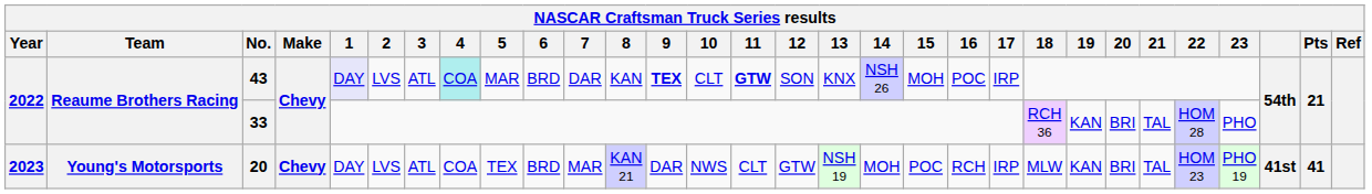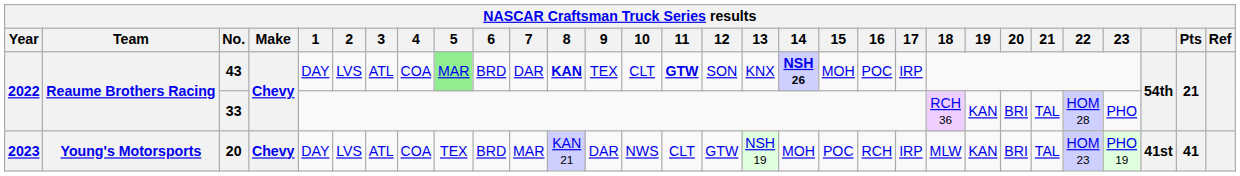 <table class="wikitable" style="text-align:center; font-size:75%">
 <tr>
 <th colspan=30><a href='#'>NASCAR Craftsman Truck Series</a> results</th>
 </tr>
 <tr>
 <th>Year</th>
 <th>Team</th>
 <th>No.</th>
 <th>Make</th>
 <th>1</th>
 <th>2</th>
 <th>3</th>
 <th>4</th>
 <th>5</th>
 <th>6</th>
 <th>7</th>
 <th>8</th>
 <th>9</th>
 <th>10</th>
 <th>11</th>
 <th>12</th>
 <th>13</th>
 <th>14</th>
 <th>15</th>
 <th>16</th>
 <th>17</th>
 <th>18</th>
 <th>19</th>
 <th>20</th>
 <th>21</th>
 <th>22</th>
 <th>23</th>
 <th></th>
 <th>Pts</th>
 <th>Ref</th>
 </tr>
 <tr>
 <th rowspan=2><a href='#'>2022</a></th>
 <th rowspan=2><a href='#'>Reaume Brothers Racing</a></th>
 <th>43</th>
 <th rowspan=2><a href='#'>Chevy</a></th>
-<td style="background: lavender;"><a href='#'>DAY</a></td>
+<td><a href='#'>DAY</a></td>
 <td><a href='#'>LVS</a></td>
 <td><a href='#'>ATL</a></td>
-<td style="background: paleturquoise;"><a href='#'>COA</a></td>
-<td><a href='#'>MAR</a></td>
+<td><a href='#'>COA</a></td>
+<td style="background: lightgreen;"><a href='#'>MAR</a></td>
 <td><a href='#'>BRD</a></td>
 <td><a href='#'>DAR</a></td>
-<td><a href='#'>KAN</a></td>
-<td><strong><a href='#'>TEX</a></strong></td>
+<td><strong><a href='#'>KAN</a></strong></td>
+<td><a href='#'>TEX</a></td>
 <td><a href='#'>CLT</a></td>
 <td><strong><a href='#'>GTW</a></strong></td>
 <td><a href='#'>SON</a></td>
 <td><a href='#'>KNX</a></td>
-<td style="background:#CFCFFF;"><a href='#'>NSH</a><br><small>26</small></td>
+<td style="background:#CFCFFF;"><strong><a href='#'>NSH</a><br><small>26</small></strong></td>
 <td><a href='#'>MOH</a></td>
 <td><a href='#'>POC</a></td>
 <td><a href='#'>IRP</a></td>
 <td colspan=6></td>
 <th rowspan=2>54th</th>
 <th rowspan=2>21</th>
 <th rowspan=2></th>
 </tr>
 <tr>
 <th>33</th>
 <td colspan=17></td>
 <td style="background:#EFCFFF;"><a href='#'>RCH</a><br><small>36</small></td>
 <td><a href='#'>KAN</a></td>
 <td><a href='#'>BRI</a></td>
 <td><a href='#'>TAL</a></td>
 <td style="background:#CFCFFF;"><a href='#'>HOM</a><br><small>28</small></td>
 <td><a href='#'>PHO</a></td>
 </tr>
 <tr>
 <th><a href='#'>2023</a></th>
 <th><a href='#'>Young's Motorsports</a></th>
 <th>20</th>
 <th><a href='#'>Chevy</a></th>
 <td><a href='#'>DAY</a></td>
 <td><a href='#'>LVS</a></td>
 <td><a href='#'>ATL</a></td>
 <td><a href='#'>COA</a></td>
 <td><a href='#'>TEX</a></td>
 <td><a href='#'>BRD</a></td>
 <td><a href='#'>MAR</a></td>
 <td style="background:#CFCFFF;"><a href='#'>KAN</a><br><small>21</small></td>
 <td><a href='#'>DAR</a></td>
 <td><a href='#'>NWS</a></td>
 <td><a href='#'>CLT</a></td>
 <td><a href='#'>GTW</a></td>
 <td style="background:#DFFFDF;"><a href='#'>NSH</a><br><small>19</small></td>
 <td><a href='#'>MOH</a></td>
 <td><a href='#'>POC</a></td>
 <td><a href='#'>RCH</a></td>
 <td><a href='#'>IRP</a></td>
 <td><a href='#'>MLW</a></td>
 <td><a href='#'>KAN</a></td>
 <td><a href='#'>BRI</a></td>
 <td><a href='#'>TAL</a></td>
 <td style="background:#CFCFFF;"><a href='#'>HOM</a><br><small>23</small></td>
 <td style="background:#DFFFDF;"><a href='#'>PHO</a><br><small>19</small></td>
 <th>41st</th>
 <th>41</th>
 <th></th>
 </tr>
 </table>
